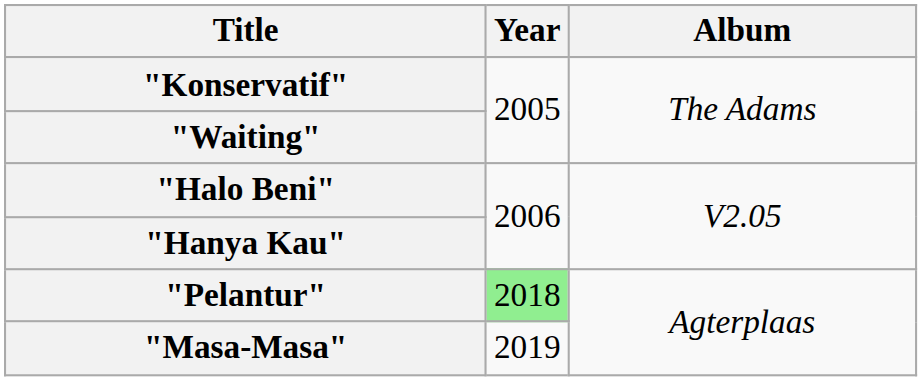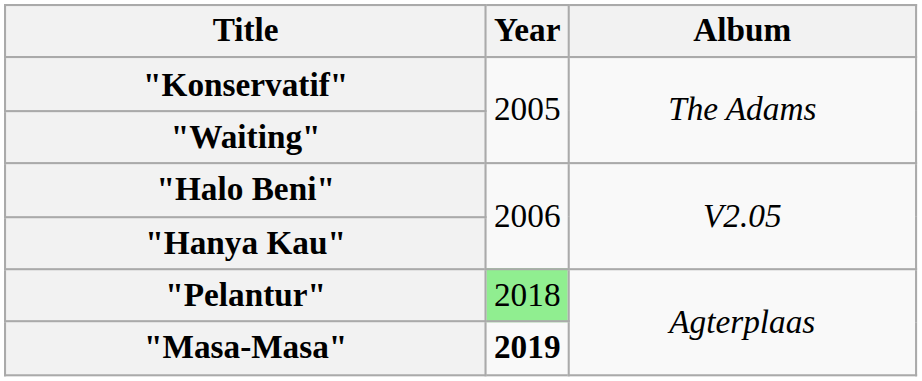 <table class="wikitable plainrowheaders" style="text-align:center;">
 <tr>
 <th scope="col" style="width:14em;">Title</th>
 <th scope="col">Year</th>
 <th scope="col" style="width:10em;">Album</th>
 </tr>
 <tr>
 <th scope="row">"Konservatif"</th>
 <td rowspan="2">2005</td>
 <td rowspan="2"><em>The Adams</em></td>
 </tr>
 <tr>
 <th scope="row">"Waiting"</th>
 </tr>
 <tr>
 <th scope="row">"Halo Beni"</th>
 <td rowspan="2">2006</td>
 <td rowspan="2"><em>V2.05</em></td>
 </tr>
 <tr>
 <th scope="row">"Hanya Kau"</th>
 </tr>
 <tr>
 <th scope="row">"Pelantur"</th>
 <td style="background: lightgreen;">2018</td>
 <td rowspan="2"><em>Agterplaas</em></td>
 </tr>
 <tr>
 <th scope="row">"Masa-Masa"</th>
-<td>2019</td>
+<td><strong>2019</strong></td>
 </tr>
 </table>
